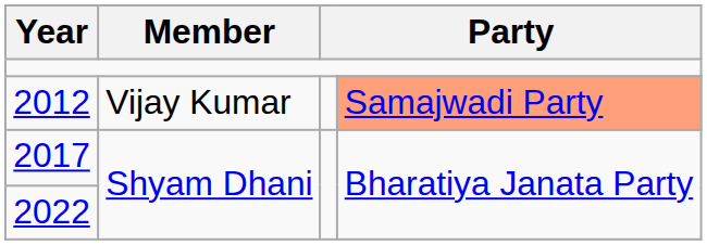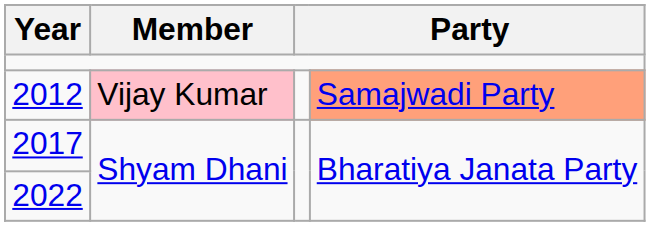 <table class="wikitable">
 <tr>
 <th>Year</th>
 <th>Member</th>
 <th colspan="2">Party</th>
 </tr>
 <tr>
 <td colspan="4"></td>
 </tr>
 <tr>
 <td><a href='#'>2012</a></td>
-<td>Vijay Kumar</td>
+<td style="background: pink;">Vijay Kumar</td>
 <td style="background-color: "></td>
 <td style="background: lightsalmon;"><a href='#'>Samajwadi Party</a></td>
 </tr>
 <tr>
 <td><a href='#'>2017</a></td>
 <td rowspan="2"><a href='#'>Shyam Dhani</a></td>
 <td rowspan="2" style="background-color: "></td>
 <td rowspan="2"><a href='#'>Bharatiya Janata Party</a></td>
 </tr>
 <tr>
 <td><a href='#'>2022</a></td>
 </tr>
 </table>
